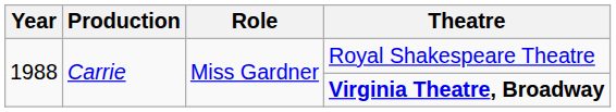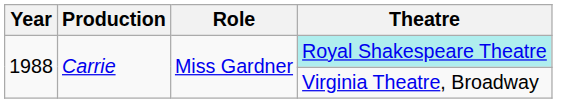 <table class="wikitable">
 <tr>
 <th>Year</th>
 <th>Production</th>
 <th>Role</th>
 <th>Theatre</th>
 </tr>
 <tr>
 <td rowspan=2>1988</td>
 <td rowspan=2><em><a href='#'>Carrie</a></em></td>
 <td rowspan=2><a href='#'>Miss Gardner</a></td>
-<td><a href='#'>Royal Shakespeare Theatre</a> </td>
+<td style="background: paleturquoise;"><a href='#'>Royal Shakespeare Theatre</a> </td>
 </tr>
 <tr>
-<td><strong><a href='#'>Virginia Theatre</a>, Broadway</strong></td>
+<td><a href='#'>Virginia Theatre</a>, Broadway</td>
 </tr>
 </table>
